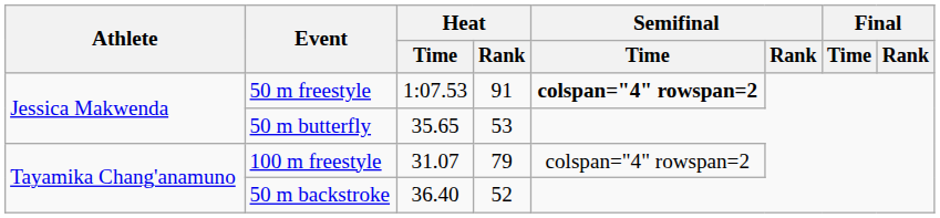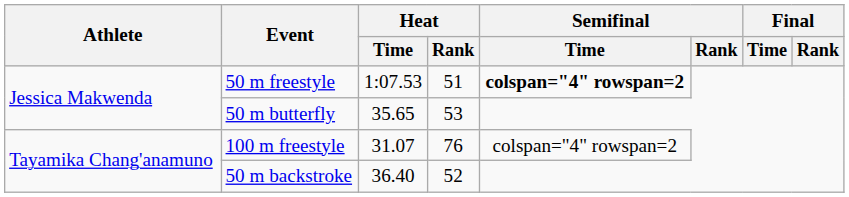 <table class="wikitable" style="text-align:center; font-size:90%; width:50%;">
 <tr>
 <th rowspan="2">Athlete</th>
 <th rowspan="2">Event</th>
 <th colspan="2">Heat</th>
 <th colspan="2">Semifinal</th>
 <th colspan="2">Final</th>
 </tr>
 <tr style="font-size:95%">
 <th>Time</th>
 <th>Rank</th>
 <th>Time</th>
 <th>Rank</th>
 <th>Time</th>
 <th>Rank</th>
 </tr>
 <tr>
 <td align=left rowspan=2><a href='#'>Jessica Makwenda</a></td>
 <td align=left><a href='#'>50 m freestyle</a></td>
 <td>1:07.53</td>
-<td>91</td>
+<td>51</td>
 <td><strong>colspan="4" rowspan=2</strong></td>
 </tr>
 <tr>
 <td align=left><a href='#'>50 m butterfly</a></td>
 <td>35.65</td>
 <td>53</td>
 </tr>
 <tr>
 <td align=left rowspan=2><a href='#'>Tayamika Chang'anamuno</a></td>
 <td align=left><a href='#'>100 m freestyle</a></td>
 <td>31.07</td>
-<td>79</td>
+<td>76</td>
 <td>colspan="4" rowspan=2</td>
 </tr>
 <tr>
 <td align=left><a href='#'>50 m backstroke</a></td>
 <td>36.40</td>
 <td>52</td>
 </tr>
 </table>
